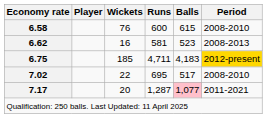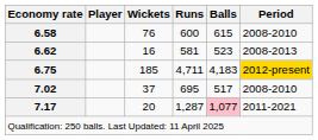 <table class="wikitable sortable" style="text-align:left;font-size:96%;">
 <tr>
 <th>Economy rate</th>
 <th>Player</th>
 <th>Wickets</th>
 <th>Runs</th>
 <th>Balls</th>
 <th>Period</th>
 </tr>
 <tr>
 <th scope=row style=text-align:center;>6.58</th>
 <td></td>
 <td align=center>76</td>
 <td align=center>600</td>
 <td align=center>615</td>
 <td>2008-2010</td>
 </tr>
 <tr>
 <th scope=row style=text-align:center;>6.62</th>
 <td></td>
 <td align=center>16</td>
 <td align=center>581</td>
 <td align=center>523</td>
 <td>2008-2013</td>
 </tr>
 <tr>
 <th scope=row style=text-align:center;>6.75</th>
 <td></td>
 <td align=center>185</td>
 <td align=center>4,711</td>
 <td align=center>4,183</td>
 <td style="background: gold;">2012-present</td>
 </tr>
 <tr>
 <th scope=row style=text-align:center;>7.02</th>
 <td></td>
-<td align=center>22</td>
+<td align=center>37</td>
 <td align=center>695</td>
 <td align=center>517</td>
 <td>2008-2010</td>
 </tr>
 <tr>
 <th scope=row style=text-align:center;>7.17</th>
 <td></td>
 <td align=center>20</td>
 <td align=center>1,287</td>
 <td align=center style="background: pink;">1,077</td>
 <td>2011-2021</td>
 </tr>
 <tr class=sortbottom>
 <td colspan=7><small>Qualification: 250 balls. Last Updated: 11 April 2025</small></td>
 </tr>
 </table>
